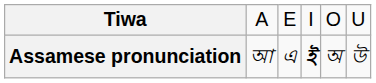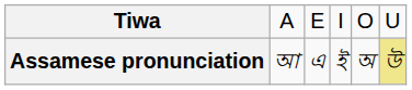 <table class= "wikitable" style ="text-align: center;">
 <tr>
 <th><strong>Tiwa </strong></th>
 <td>A</td>
 <td>E</td>
 <td>I</td>
 <td>O</td>
 <td>U</td>
 </tr>
 <tr>
 <th><strong>Assamese pronunciation</strong></th>
 <td><em>আ </em></td>
 <td><em>এ </em></td>
-<td><strong><em>ই </em></strong></td>
+<td><em>ই </em></td>
 <td><em>অ </em></td>
-<td><em>উ</em></td>
+<td style="background: khaki;"><em>উ</em></td>
 </tr>
 </table>
